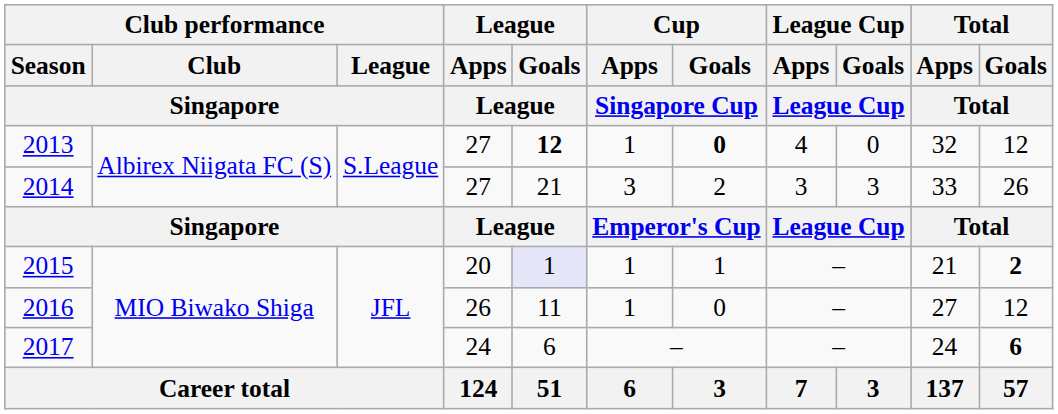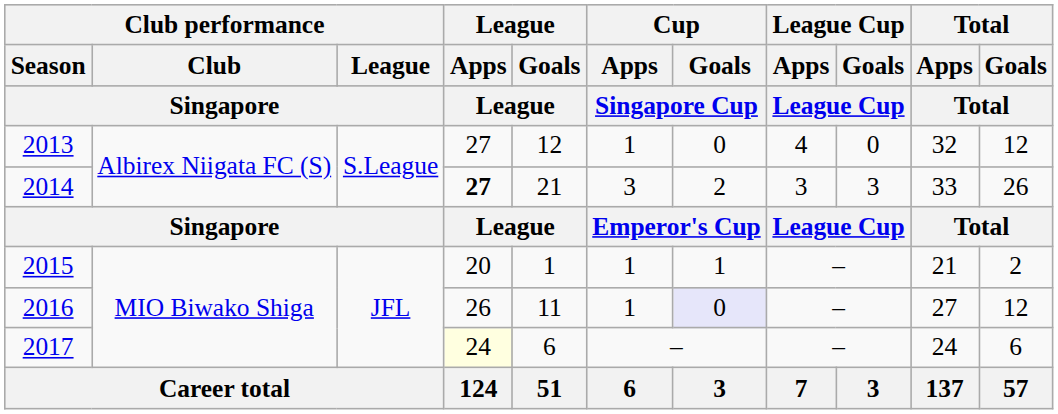 <table class="wikitable" style="text-align:center">
 <tr>
 <th colspan=3>Club performance</th>
 <th colspan=2>League</th>
 <th colspan=2>Cup</th>
 <th colspan=2>League Cup</th>
 <th colspan=2>Total</th>
 </tr>
 <tr>
 <th>Season</th>
 <th>Club</th>
 <th>League</th>
 <th>Apps</th>
 <th>Goals</th>
 <th>Apps</th>
 <th>Goals</th>
 <th>Apps</th>
 <th>Goals</th>
 <th>Apps</th>
 <th>Goals</th>
 </tr>
 <tr>
 <th colspan=3>Singapore</th>
 <th colspan=2>League</th>
 <th colspan=2><a href='#'>Singapore Cup</a></th>
 <th colspan=2><a href='#'>League Cup</a></th>
 <th colspan=2>Total</th>
 </tr>
 <tr>
 <td><a href='#'>2013</a></td>
 <td rowspan="2"><a href='#'>Albirex Niigata FC (S)</a></td>
 <td rowspan="2"><a href='#'>S.League</a></td>
 <td>27</td>
-<td><strong>12</strong></td>
+<td>12</td>
 <td>1</td>
-<td><strong>0</strong></td>
+<td>0</td>
 <td>4</td>
 <td>0</td>
 <td>32</td>
 <td>12</td>
 </tr>
 <tr>
 <td><a href='#'>2014</a></td>
-<td>27</td>
+<td><strong>27</strong></td>
 <td>21</td>
 <td>3</td>
 <td>2</td>
 <td>3</td>
 <td>3</td>
 <td>33</td>
 <td>26</td>
 </tr>
 <tr>
 <th colspan=3>Singapore</th>
 <th colspan=2>League</th>
 <th colspan=2><a href='#'>Emperor's Cup</a></th>
 <th colspan=2><a href='#'>League Cup</a></th>
 <th colspan=2>Total</th>
 </tr>
 <tr>
 <td><a href='#'>2015</a></td>
 <td rowspan="3"><a href='#'>MIO Biwako Shiga</a></td>
 <td rowspan="3"><a href='#'>JFL</a></td>
 <td>20</td>
-<td style="background: lavender;">1</td>
+<td>1</td>
 <td>1</td>
 <td>1</td>
 <td colspan="2">–</td>
 <td>21</td>
-<td><strong>2</strong></td>
+<td>2</td>
 </tr>
 <tr>
 <td><a href='#'>2016</a></td>
 <td>26</td>
 <td>11</td>
 <td>1</td>
-<td>0</td>
+<td style="background: lavender;">0</td>
 <td colspan="2">–</td>
 <td>27</td>
 <td>12</td>
 </tr>
 <tr>
 <td><a href='#'>2017</a></td>
-<td>24</td>
+<td style="background: lightyellow;">24</td>
 <td>6</td>
 <td colspan="2">–</td>
 <td colspan="2">–</td>
 <td>24</td>
-<td><strong>6</strong></td>
+<td>6</td>
 </tr>
 <tr>
 <th colspan=3>Career total</th>
 <th>124</th>
 <th>51</th>
 <th>6</th>
 <th>3</th>
 <th>7</th>
 <th>3</th>
 <th>137</th>
 <th>57</th>
 </tr>
 </table>
